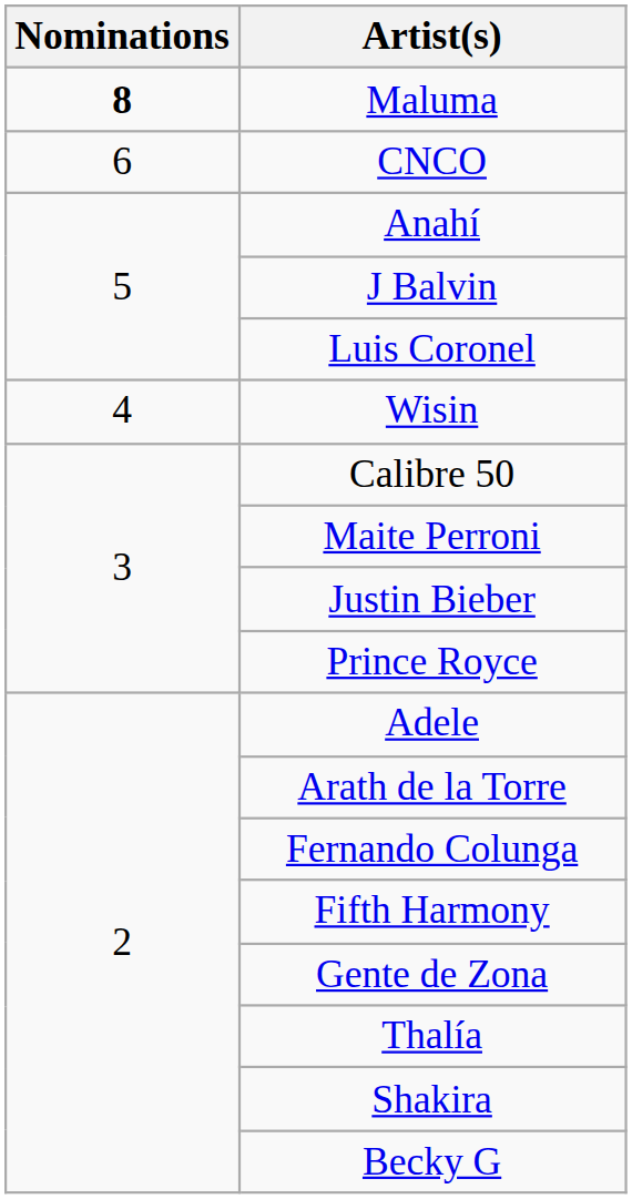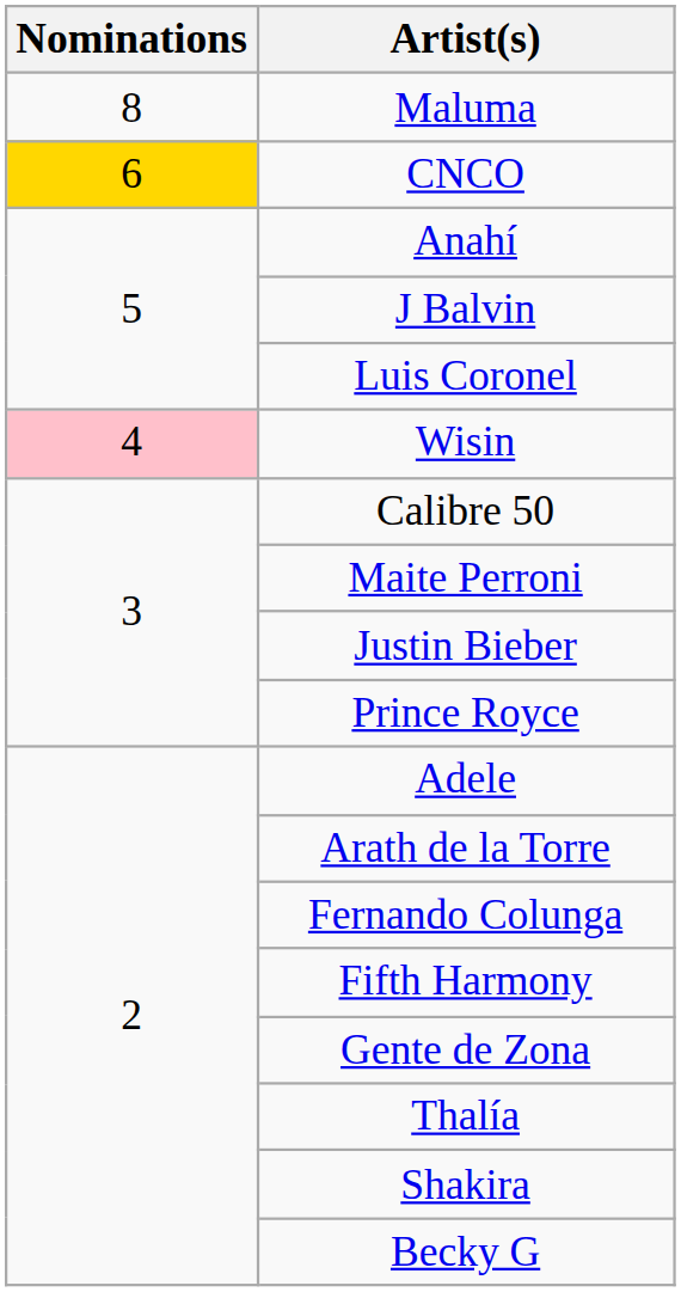 <table class="wikitable" rowspan=2 border=2 style="text-align:center;">
 <tr>
 <th scope="col" width="50">Nominations</th>
 <th scope="col" width="150">Artist(s)</th>
 </tr>
 <tr>
-<td><strong>8</strong></td>
+<td>8</td>
 <td><a href='#'>Maluma</a></td>
 </tr>
 <tr>
-<td>6</td>
+<td style="background: gold;">6</td>
 <td><a href='#'>CNCO</a></td>
 </tr>
 <tr>
 <td rowspan=3 style="text-align:center;">5</td>
 <td><a href='#'>Anahí</a></td>
 </tr>
 <tr>
 <td><a href='#'>J Balvin</a></td>
 </tr>
 <tr>
 <td><a href='#'>Luis Coronel</a></td>
 </tr>
 <tr>
-<td>4</td>
+<td style="background: pink;">4</td>
 <td><a href='#'>Wisin</a></td>
 </tr>
 <tr>
 <td rowspan=4 style="text-align:center;">3</td>
 <td>Calibre 50</td>
 </tr>
 <tr>
 <td><a href='#'>Maite Perroni</a></td>
 </tr>
 <tr>
 <td><a href='#'>Justin Bieber</a></td>
 </tr>
 <tr>
 <td><a href='#'>Prince Royce</a></td>
 </tr>
 <tr>
 <td rowspan=8 style="text-align:center;">2</td>
 <td><a href='#'>Adele</a></td>
 </tr>
 <tr>
 <td><a href='#'>Arath de la Torre</a></td>
 </tr>
 <tr>
 <td><a href='#'>Fernando Colunga</a></td>
 </tr>
 <tr>
 <td><a href='#'>Fifth Harmony</a></td>
 </tr>
 <tr>
 <td><a href='#'>Gente de Zona</a></td>
 </tr>
 <tr>
 <td><a href='#'>Thalía</a></td>
 </tr>
 <tr>
 <td><a href='#'>Shakira</a></td>
 </tr>
 <tr>
 <td><a href='#'>Becky G</a></td>
 </tr>
 </table>
